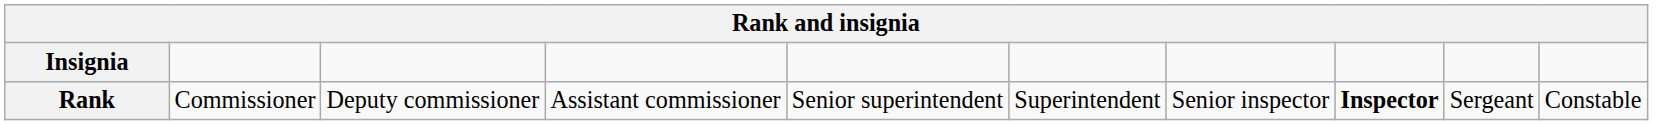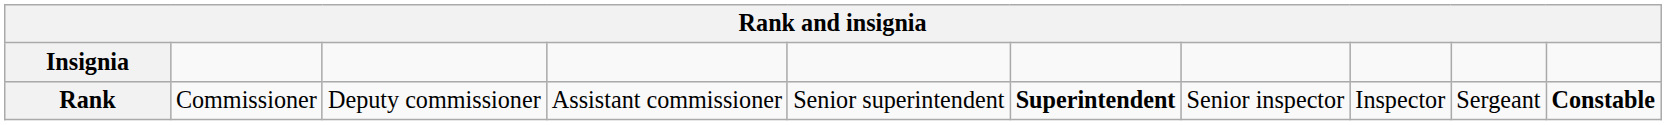 <table class="wikitable" style="text-align: center;">
 <tr>
 <th colspan=10>Rank and insignia</th>
 </tr>
 <tr>
 <th>Insignia</th>
 <td></td>
 <td></td>
 <td></td>
 <td></td>
 <td></td>
 <td></td>
 <td></td>
 <td></td>
 <td></td>
 </tr>
 <tr>
 <th Width=10%>Rank</th>
 <td>Commissioner</td>
 <td>Deputy commissioner</td>
 <td>Assistant commissioner</td>
 <td>Senior superintendent</td>
-<td>Superintendent</td>
+<td><strong>Superintendent</strong></td>
 <td>Senior inspector</td>
-<td><strong>Inspector</strong></td>
+<td>Inspector</td>
 <td>Sergeant</td>
-<td>Constable</td>
+<td><strong>Constable</strong></td>
 </tr>
 </table>
